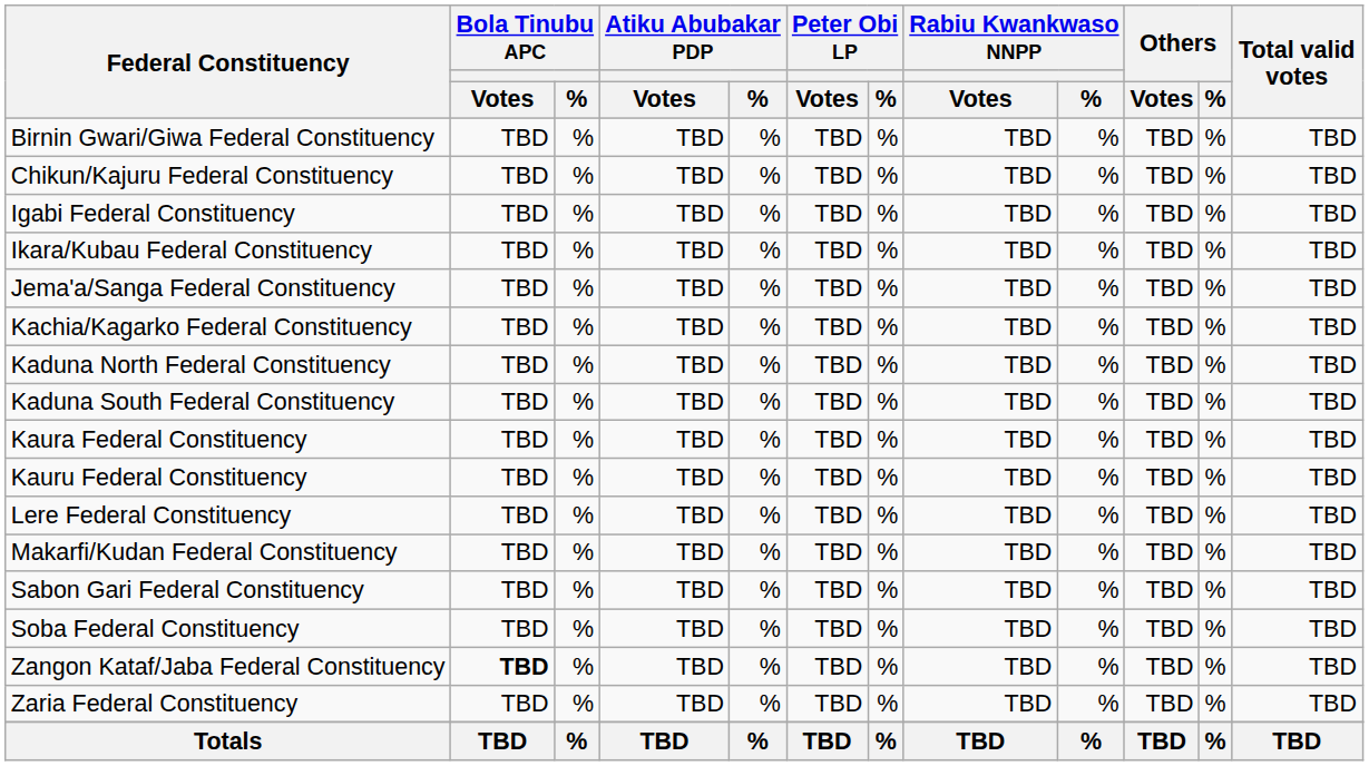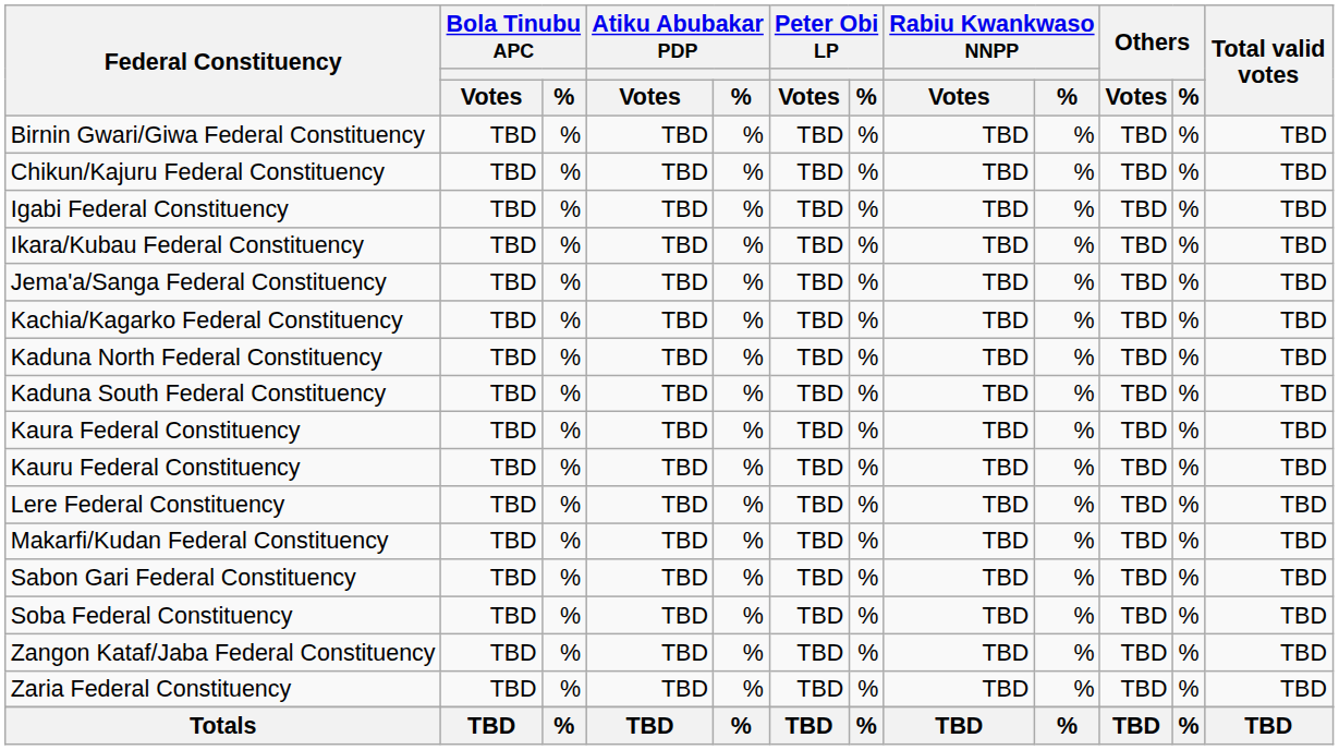 <table class="wikitable sortable" style="text-align:right; font-size:90%">
 <tr>
 <th rowspan="3" style="max-width:7.5em;">Federal Constituency</th>
 <th colspan="2"><a href='#'>Bola Tinubu</a><br><small>APC</small></th>
 <th colspan="2"><a href='#'>Atiku Abubakar</a><br><small>PDP</small></th>
 <th colspan="2"><a href='#'>Peter Obi</a><br><small>LP</small></th>
 <th colspan="2"><a href='#'>Rabiu Kwankwaso</a><br><small>NNPP</small></th>
 <th colspan="2" rowspan="2">Others</th>
 <th rowspan="3" style="max-width:5em;">Total valid votes</th>
 </tr>
 <tr>
 <th colspan=2 style="background-color:"></th>
 <th colspan=2 style="background-color:"></th>
 <th colspan=2 style="background-color:"></th>
 <th colspan=2 style="background-color:"></th>
 </tr>
 <tr>
 <th>Votes</th>
 <th>%</th>
 <th>Votes</th>
 <th>%</th>
 <th>Votes</th>
 <th>%</th>
 <th>Votes</th>
 <th>%</th>
 <th>Votes</th>
 <th>%</th>
 </tr>
 <tr style="background-color:#">
 <td style="text-align:left;">Birnin Gwari/Giwa Federal Constituency</td>
 <td>TBD</td>
 <td>%</td>
 <td>TBD</td>
 <td>%</td>
 <td>TBD</td>
 <td>%</td>
 <td>TBD</td>
 <td>%</td>
 <td>TBD</td>
 <td>%</td>
 <td>TBD</td>
 </tr>
 <tr style="background-color:#">
 <td style="text-align:left;">Chikun/Kajuru Federal Constituency</td>
 <td>TBD</td>
 <td>%</td>
 <td>TBD</td>
 <td>%</td>
 <td>TBD</td>
 <td>%</td>
 <td>TBD</td>
 <td>%</td>
 <td>TBD</td>
 <td>%</td>
 <td>TBD</td>
 </tr>
 <tr style="background-color:#">
 <td style="text-align:left;">Igabi Federal Constituency</td>
 <td>TBD</td>
 <td>%</td>
 <td>TBD</td>
 <td>%</td>
 <td>TBD</td>
 <td>%</td>
 <td>TBD</td>
 <td>%</td>
 <td>TBD</td>
 <td>%</td>
 <td>TBD</td>
 </tr>
 <tr style="background-color:#">
 <td style="text-align:left;">Ikara/Kubau Federal Constituency</td>
 <td>TBD</td>
 <td>%</td>
 <td>TBD</td>
 <td>%</td>
 <td>TBD</td>
 <td>%</td>
 <td>TBD</td>
 <td>%</td>
 <td>TBD</td>
 <td>%</td>
 <td>TBD</td>
 </tr>
 <tr style="background-color:#">
 <td style="text-align:left;">Jema'a/Sanga Federal Constituency</td>
 <td>TBD</td>
 <td>%</td>
 <td>TBD</td>
 <td>%</td>
 <td>TBD</td>
 <td>%</td>
 <td>TBD</td>
 <td>%</td>
 <td>TBD</td>
 <td>%</td>
 <td>TBD</td>
 </tr>
 <tr style="background-color:#">
 <td style="text-align:left;">Kachia/Kagarko Federal Constituency</td>
 <td>TBD</td>
 <td>%</td>
 <td>TBD</td>
 <td>%</td>
 <td>TBD</td>
 <td>%</td>
 <td>TBD</td>
 <td>%</td>
 <td>TBD</td>
 <td>%</td>
 <td>TBD</td>
 </tr>
 <tr style="background-color:#">
 <td style="text-align:left;">Kaduna North Federal Constituency</td>
 <td>TBD</td>
 <td>%</td>
 <td>TBD</td>
 <td>%</td>
 <td>TBD</td>
 <td>%</td>
 <td>TBD</td>
 <td>%</td>
 <td>TBD</td>
 <td>%</td>
 <td>TBD</td>
 </tr>
 <tr style="background-color:#">
 <td style="text-align:left;">Kaduna South Federal Constituency</td>
 <td>TBD</td>
 <td>%</td>
 <td>TBD</td>
 <td>%</td>
 <td>TBD</td>
 <td>%</td>
 <td>TBD</td>
 <td>%</td>
 <td>TBD</td>
 <td>%</td>
 <td>TBD</td>
 </tr>
 <tr style="background-color:#">
 <td style="text-align:left;">Kaura Federal Constituency</td>
 <td>TBD</td>
 <td>%</td>
 <td>TBD</td>
 <td>%</td>
 <td>TBD</td>
 <td>%</td>
 <td>TBD</td>
 <td>%</td>
 <td>TBD</td>
 <td>%</td>
 <td>TBD</td>
 </tr>
 <tr style="background-color:#">
 <td style="text-align:left;">Kauru Federal Constituency</td>
 <td>TBD</td>
 <td>%</td>
 <td>TBD</td>
 <td>%</td>
 <td>TBD</td>
 <td>%</td>
 <td>TBD</td>
 <td>%</td>
 <td>TBD</td>
 <td>%</td>
 <td>TBD</td>
 </tr>
 <tr style="background-color:#">
 <td style="text-align:left;">Lere Federal Constituency</td>
 <td>TBD</td>
 <td>%</td>
 <td>TBD</td>
 <td>%</td>
 <td>TBD</td>
 <td>%</td>
 <td>TBD</td>
 <td>%</td>
 <td>TBD</td>
 <td>%</td>
 <td>TBD</td>
 </tr>
 <tr style="background-color:#">
 <td style="text-align:left;">Makarfi/Kudan Federal Constituency</td>
 <td>TBD</td>
 <td>%</td>
 <td>TBD</td>
 <td>%</td>
 <td>TBD</td>
 <td>%</td>
 <td>TBD</td>
 <td>%</td>
 <td>TBD</td>
 <td>%</td>
 <td>TBD</td>
 </tr>
 <tr style="background-color:#">
 <td style="text-align:left;">Sabon Gari Federal Constituency</td>
 <td>TBD</td>
 <td>%</td>
 <td>TBD</td>
 <td>%</td>
 <td>TBD</td>
 <td>%</td>
 <td>TBD</td>
 <td>%</td>
 <td>TBD</td>
 <td>%</td>
 <td>TBD</td>
 </tr>
 <tr style="background-color:#">
 <td style="text-align:left;">Soba Federal Constituency</td>
 <td>TBD</td>
 <td>%</td>
 <td>TBD</td>
 <td>%</td>
 <td>TBD</td>
 <td>%</td>
 <td>TBD</td>
 <td>%</td>
 <td>TBD</td>
 <td>%</td>
 <td>TBD</td>
 </tr>
 <tr style="background-color:#">
 <td style="text-align:left;">Zangon Kataf/Jaba Federal Constituency</td>
-<td><strong>TBD</strong></td>
+<td>TBD</td>
 <td>%</td>
 <td>TBD</td>
 <td>%</td>
 <td>TBD</td>
 <td>%</td>
 <td>TBD</td>
 <td>%</td>
 <td>TBD</td>
 <td>%</td>
 <td>TBD</td>
 </tr>
 <tr style="background-color:#">
 <td style="text-align:left;">Zaria Federal Constituency</td>
 <td>TBD</td>
 <td>%</td>
 <td>TBD</td>
 <td>%</td>
 <td>TBD</td>
 <td>%</td>
 <td>TBD</td>
 <td>%</td>
 <td>TBD</td>
 <td>%</td>
 <td>TBD</td>
 </tr>
 <tr>
 </tr>
 <tr>
 <th>Totals</th>
 <th>TBD</th>
 <th>%</th>
 <th>TBD</th>
 <th>%</th>
 <th>TBD</th>
 <th>%</th>
 <th>TBD</th>
 <th>%</th>
 <th>TBD</th>
 <th>%</th>
 <th>TBD</th>
 </tr>
 </table>
